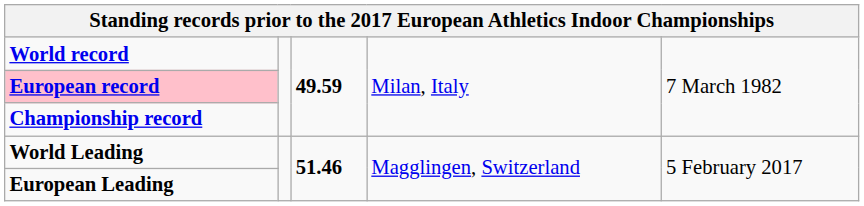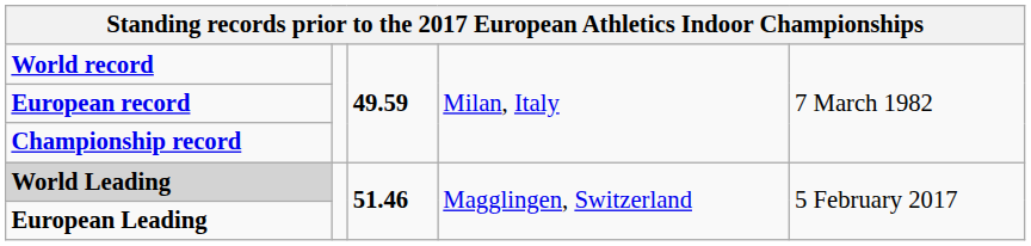 <table class="wikitable" width=75%>
 <tr>
 <th colspan="5">Standing records prior to the 2017 European Athletics Indoor Championships</th>
 </tr>
 <tr>
 <td><strong><a href='#'>World record</a></strong></td>
 <td rowspan=3></td>
 <td rowspan=3><strong>49.59</strong></td>
 <td rowspan=3><a href='#'>Milan</a>, <a href='#'>Italy</a></td>
 <td rowspan=3>7 March 1982</td>
 </tr>
 <tr>
-<td style="background: pink;"><strong><a href='#'>European record</a></strong></td>
+<td><strong><a href='#'>European record</a></strong></td>
 </tr>
 <tr>
 <td><strong><a href='#'>Championship record</a></strong></td>
 </tr>
 <tr>
-<td><strong>World Leading</strong></td>
+<td style="background: lightgrey;"><strong>World Leading</strong></td>
 <td rowspan=2></td>
 <td rowspan=2><strong>51.46</strong></td>
 <td rowspan=2><a href='#'>Magglingen</a>, <a href='#'>Switzerland</a></td>
 <td rowspan=2>5 February 2017</td>
 </tr>
 <tr>
 <td><strong>European Leading</strong></td>
 </tr>
 </table>
